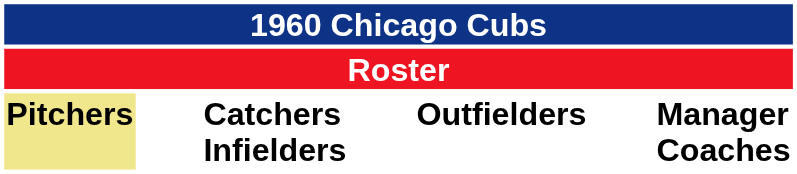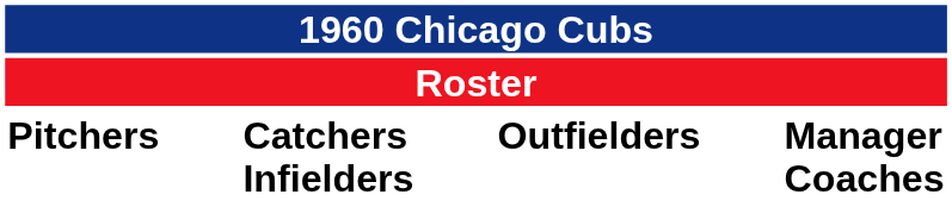 <table class="toccolours" style="font-size: 95%;">
 <tr>
 <th colspan="10" style="background-color: #0e3386; color: white; text-align: center;">1960 Chicago Cubs</th>
 </tr>
 <tr>
 <td colspan="10" style="background-color: #EE1422; color: white; text-align: center;"><strong>Roster</strong></td>
 </tr>
 <tr>
-<td valign="top" style="background: khaki;"><strong>Pitchers</strong><br>                </td>
+<td valign="top"><strong>Pitchers</strong><br>                </td>
 <td width="25px"></td>
 <td valign="top"><strong>Catchers</strong><br>        <strong>Infielders</strong>            </td>
 <td width="25px"></td>
 <td valign="top"><strong>Outfielders</strong><br>         </td>
 <td width="25px"></td>
 <td valign="top"><strong>Manager</strong><br>  <strong>Coaches</strong>       </td>
 </tr>
 <tr>
 </tr>
 </table>
